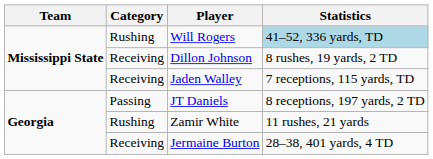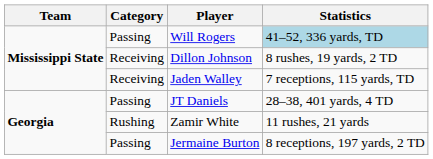 <table class="wikitable" style="float: right;">
 <tr>
 <th>Team</th>
 <th>Category</th>
 <th>Player</th>
 <th>Statistics</th>
 </tr>
 <tr>
 <td rowspan=3><strong>Mississippi State</strong></td>
-<td>Rushing</td>
+<td>Passing</td>
 <td><a href='#'>Will Rogers</a></td>
 <td style="background: lightblue;">41–52, 336 yards, TD</td>
 </tr>
 <tr>
 <td>Receiving</td>
 <td><a href='#'>Dillon Johnson</a></td>
 <td>8 rushes, 19 yards, 2 TD</td>
 </tr>
 <tr>
 <td>Receiving</td>
 <td><a href='#'>Jaden Walley</a></td>
 <td>7 receptions, 115 yards, TD</td>
 </tr>
 <tr>
 <td rowspan=3><strong>Georgia</strong></td>
 <td>Passing</td>
 <td><a href='#'>JT Daniels</a></td>
-<td>8 receptions, 197 yards, 2 TD</td>
+<td>28–38, 401 yards, 4 TD</td>
 </tr>
 <tr>
 <td>Rushing</td>
 <td>Zamir White</td>
 <td>11 rushes, 21 yards</td>
 </tr>
 <tr>
-<td>Receiving</td>
+<td>Passing</td>
 <td><a href='#'>Jermaine Burton</a></td>
-<td>28–38, 401 yards, 4 TD</td>
+<td>8 receptions, 197 yards, 2 TD</td>
 </tr>
 </table>
